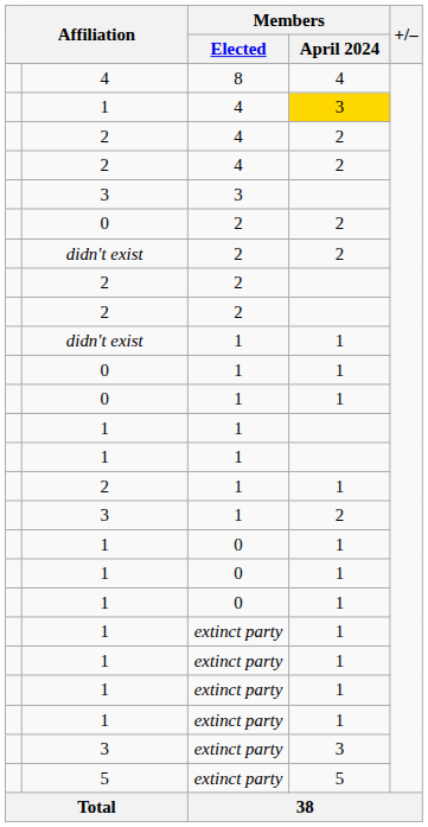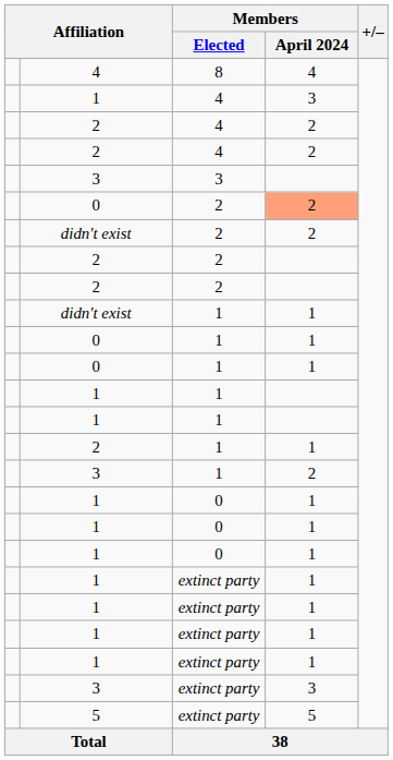 <table class="wikitable" border="1" style="font-size: 95%; text-align: center;">
 <tr>
 <th colspan="2" rowspan="2" class=unsortable style="text-align: center; vertical-align: middle; width: 150px;">Affiliation</th>
 <th colspan="2" style="vertical-align: top;">Members</th>
 <th rowspan="2">+/–</th>
 </tr>
 <tr>
 <th data-sort-type=number style="width: 80px;"><a href='#'>Elected</a></th>
 <th style="width: 80px;">April 2024</th>
 </tr>
 <tr>
 <td></td>
 <td>4</td>
 <td>8</td>
 <td>4</td>
 </tr>
 <tr>
 <td></td>
 <td>1</td>
 <td>4</td>
-<td style="background: gold;">3</td>
+<td>3</td>
 </tr>
 <tr>
 <td></td>
 <td>2</td>
 <td>4</td>
 <td>2</td>
 </tr>
 <tr>
 <td></td>
 <td>2</td>
 <td>4</td>
 <td>2</td>
 </tr>
 <tr>
 <td></td>
 <td>3</td>
 <td>3</td>
 <td></td>
 </tr>
 <tr>
 <td></td>
 <td>0</td>
 <td>2</td>
-<td>2</td>
+<td style="background: lightsalmon;">2</td>
 </tr>
 <tr>
 <td></td>
 <td><em>didn't exist</em></td>
 <td>2</td>
 <td>2</td>
 </tr>
 <tr>
 <td></td>
 <td>2</td>
 <td>2</td>
 <td></td>
 </tr>
 <tr>
 <td></td>
 <td>2</td>
 <td>2</td>
 <td></td>
 </tr>
 <tr>
 <td></td>
 <td><em>didn't exist</em></td>
 <td>1</td>
 <td>1</td>
 </tr>
 <tr>
 <td></td>
 <td>0</td>
 <td>1</td>
 <td>1</td>
 </tr>
 <tr>
 <td></td>
 <td>0</td>
 <td>1</td>
 <td>1</td>
 </tr>
 <tr>
 <td></td>
 <td>1</td>
 <td>1</td>
 <td></td>
 </tr>
 <tr>
 <td></td>
 <td>1</td>
 <td>1</td>
 <td></td>
 </tr>
 <tr>
 <td></td>
 <td>2</td>
 <td>1</td>
 <td>1</td>
 </tr>
 <tr>
 <td></td>
 <td>3</td>
 <td>1</td>
 <td>2</td>
 </tr>
 <tr>
 <td></td>
 <td>1</td>
 <td>0</td>
 <td>1</td>
 </tr>
 <tr>
 <td></td>
 <td>1</td>
 <td>0</td>
 <td>1</td>
 </tr>
 <tr>
 <td></td>
 <td>1</td>
 <td>0</td>
 <td>1</td>
 </tr>
 <tr>
 <td></td>
 <td>1</td>
 <td><em>extinct party</em></td>
 <td>1</td>
 </tr>
 <tr>
 <td></td>
 <td>1</td>
 <td><em>extinct party</em></td>
 <td>1</td>
 </tr>
 <tr>
 <td></td>
 <td>1</td>
 <td><em>extinct party</em></td>
 <td>1</td>
 </tr>
 <tr>
 <td></td>
 <td>1</td>
 <td><em>extinct party</em></td>
 <td>1</td>
 </tr>
 <tr>
 <td></td>
 <td>3</td>
 <td><em>extinct party</em></td>
 <td>3</td>
 </tr>
 <tr>
 <td></td>
 <td>5</td>
 <td><em>extinct party</em></td>
 <td>5</td>
 </tr>
 <tr>
 <th colspan="2">Total</th>
 <th colspan="3">38</th>
 </tr>
 </table>
